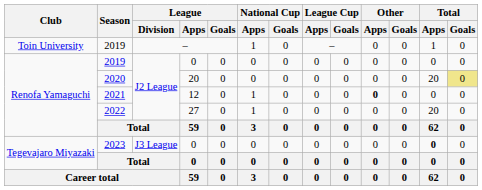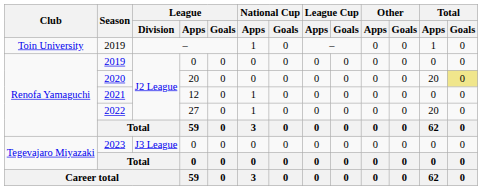 <table class="wikitable" style="text-align: center">
 <tr>
 <th rowspan="2">Club</th>
 <th rowspan="2">Season</th>
 <th colspan="3">League</th>
 <th colspan="2">National Cup</th>
 <th colspan="2">League Cup</th>
 <th colspan="2">Other</th>
 <th colspan="2">Total</th>
 </tr>
 <tr>
 <th>Division</th>
 <th>Apps</th>
 <th>Goals</th>
 <th>Apps</th>
 <th>Goals</th>
 <th>Apps</th>
 <th>Goals</th>
 <th>Apps</th>
 <th>Goals</th>
 <th>Apps</th>
 <th>Goals</th>
 </tr>
 <tr>
 <td><a href='#'>Toin University</a></td>
 <td>2019</td>
 <td colspan="3">–</td>
 <td>1</td>
 <td>0</td>
 <td colspan="2">–</td>
 <td>0</td>
 <td>0</td>
 <td>1</td>
 <td>0</td>
 </tr>
 <tr>
 <td rowspan="5"><a href='#'>Renofa Yamaguchi</a></td>
 <td><a href='#'>2019</a></td>
 <td rowspan="4"><a href='#'>J2 League</a></td>
 <td>0</td>
 <td>0</td>
 <td>0</td>
 <td>0</td>
 <td>0</td>
 <td>0</td>
 <td>0</td>
 <td>0</td>
 <td>0</td>
 <td>0</td>
 </tr>
 <tr>
 <td><a href='#'>2020</a></td>
 <td>20</td>
 <td>0</td>
 <td>0</td>
 <td>0</td>
 <td>0</td>
 <td>0</td>
 <td>0</td>
 <td>0</td>
 <td>20</td>
 <td style="background: khaki;">0</td>
 </tr>
 <tr>
 <td><a href='#'>2021</a></td>
 <td>12</td>
 <td>0</td>
 <td>1</td>
 <td>0</td>
 <td>0</td>
 <td>0</td>
-<td><strong>0</strong></td>
+<td>0</td>
 <td>0</td>
 <td>0</td>
 <td>0</td>
 </tr>
 <tr>
 <td><a href='#'>2022</a></td>
 <td>27</td>
 <td>0</td>
 <td>1</td>
 <td>0</td>
 <td>0</td>
 <td>0</td>
 <td>0</td>
 <td>0</td>
 <td>20</td>
 <td>0</td>
 </tr>
 <tr>
 <th colspan=2>Total</th>
 <th>59</th>
 <th>0</th>
 <th>3</th>
 <th>0</th>
 <th>0</th>
 <th>0</th>
 <th>0</th>
 <th>0</th>
 <th>62</th>
 <th>0</th>
 </tr>
 <tr>
 <td rowspan="2"><a href='#'>Tegevajaro Miyazaki</a></td>
 <td><a href='#'>2023</a></td>
 <td><a href='#'>J3 League</a></td>
 <td>0</td>
 <td>0</td>
 <td>0</td>
 <td>0</td>
 <td>0</td>
 <td>0</td>
 <td>0</td>
 <td>0</td>
-<td><strong>0</strong></td>
+<td>0</td>
 <td>0</td>
 </tr>
 <tr>
 <th colspan=2>Total</th>
 <th>0</th>
 <th>0</th>
 <th>0</th>
 <th>0</th>
 <th>0</th>
 <th>0</th>
 <th>0</th>
 <th>0</th>
 <th>0</th>
 <th>0</th>
 </tr>
 <tr>
 <th colspan=3>Career total</th>
 <th>59</th>
 <th>0</th>
 <th>3</th>
 <th>0</th>
 <th>0</th>
 <th>0</th>
 <th>0</th>
 <th>0</th>
 <th>62</th>
 <th>0</th>
 </tr>
 </table>
